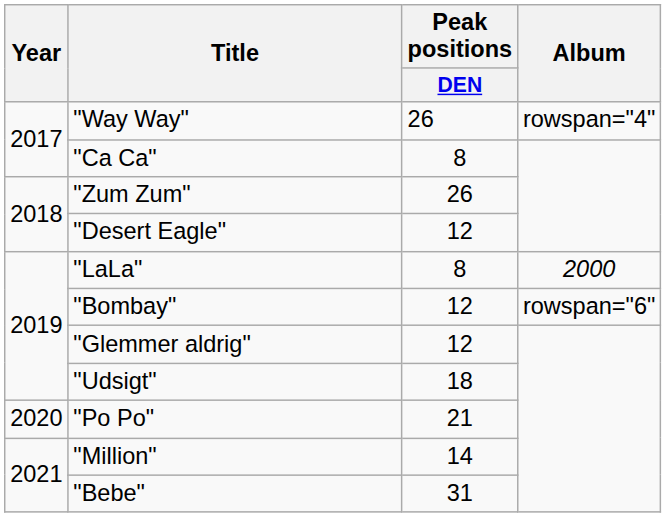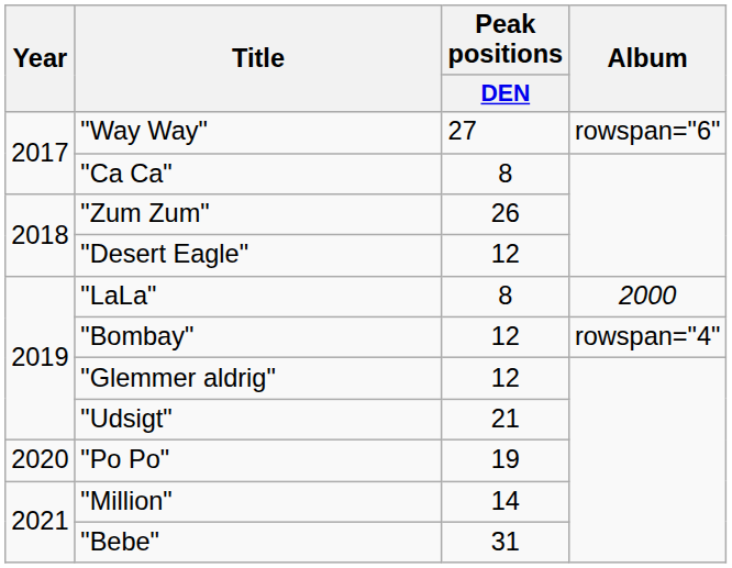 <table class="wikitable">
 <tr>
 <th rowspan="2" style="text-align:center; width:10px;">Year</th>
 <th rowspan="2" style="text-align:center; width:220px;">Title</th>
 <th style="text-align:center; width:20px;">Peak positions</th>
 <th rowspan="2" style="text-align:center; width:70px;">Album</th>
 </tr>
 <tr>
 <th scope="col" style="width:3em;font-size:90%;"><a href='#'>DEN</a><br></th>
 </tr>
 <tr>
 <td style="text-align:center;" rowspan=2>2017</td>
 <td>"Way Way"</td>
-<td style="text-alig4n:center;">26</td>
-<td>rowspan="4" </td>
+<td style="text-alig4n:center;">27</td>
+<td>rowspan="6" </td>
 </tr>
 <tr>
 <td>"Ca Ca"</td>
 <td style="text-align:center;">8</td>
 </tr>
 <tr>
 <td style="text-align:center;" rowspan=2>2018</td>
 <td>"Zum Zum"</td>
 <td style="text-align:center;">26</td>
 </tr>
 <tr>
 <td>"Desert Eagle"</td>
 <td style="text-align:center;">12</td>
 </tr>
 <tr>
 <td style="text-align:center;" rowspan="4">2019</td>
 <td>"LaLa"</td>
 <td style="text-align:center;">8<br></td>
 <td style="text-align:center;"><em>2000</em></td>
 </tr>
 <tr>
 <td>"Bombay"</td>
 <td style="text-align:center;">12<br></td>
-<td>rowspan="6" </td>
+<td>rowspan="4" </td>
 </tr>
 <tr>
 <td>"Glemmer aldrig"<br></td>
 <td style="text-align:center;">12<br></td>
 </tr>
 <tr>
 <td>"Udsigt"</td>
-<td style="text-align:center;">18<br></td>
+<td style="text-align:center;">21<br></td>
 </tr>
 <tr>
 <td style="text-align:center;">2020</td>
 <td>"Po Po"</td>
-<td style="text-align:center;">21<br></td>
+<td style="text-align:center;">19<br></td>
 </tr>
 <tr>
 <td style="text-align:center;" rowspan="2">2021</td>
 <td>"Million"</td>
 <td style="text-align:center;">14<br></td>
 </tr>
 <tr>
 <td>"Bebe"<br></td>
 <td style="text-align:center;">31<br></td>
 </tr>
 </table>
